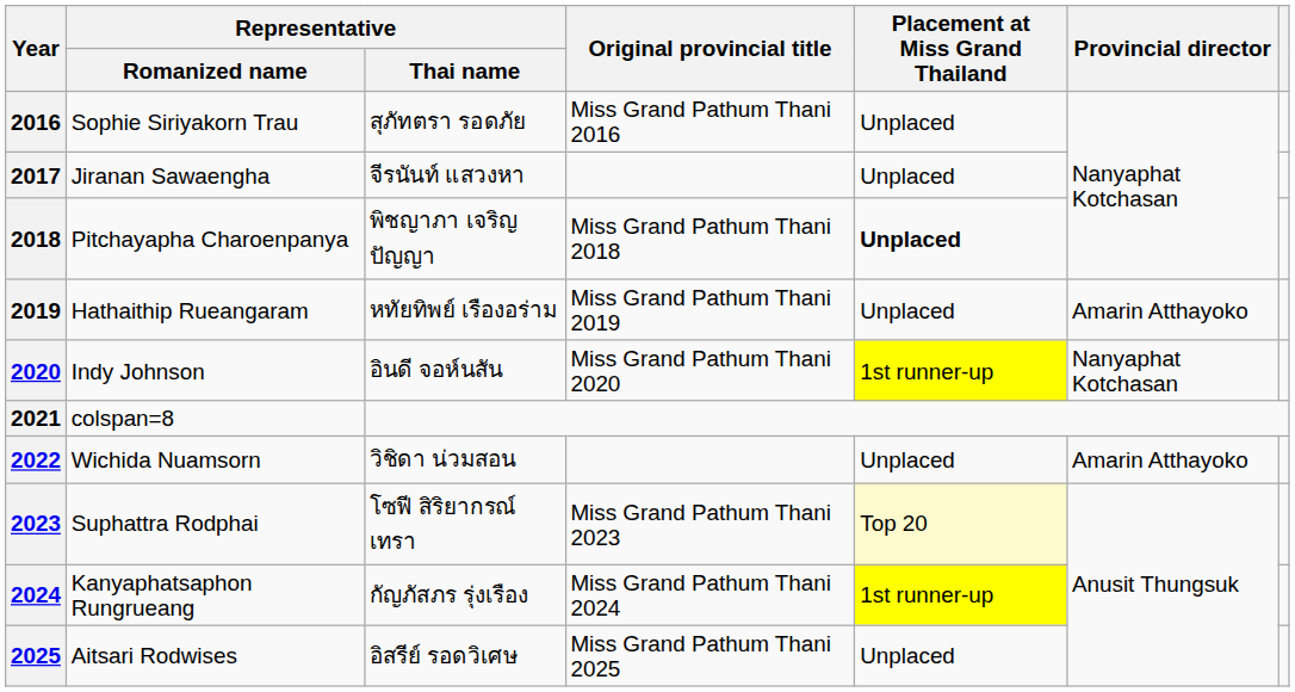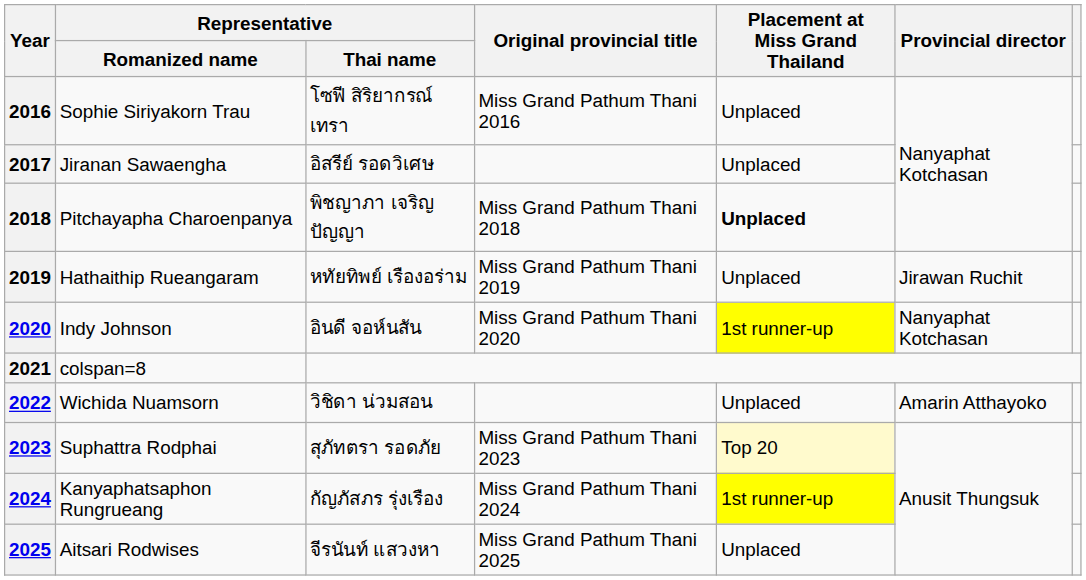 <table class="wikitable defaultcenter col2left col3left col6left" style="font-size:95%;">
 <tr>
 <th rowspan=2>Year</th>
 <th colspan=2>Representative</th>
 <th rowspan=2>Original provincial title</th>
 <th rowspan=2>Placement at<br>Miss Grand Thailand</th>
 <th rowspan=2>Provincial director</th>
 <th rowspan=2></th>
 </tr>
 <tr>
 <th>Romanized name</th>
 <th>Thai name</th>
 </tr>
 <tr>
 <th>2016</th>
 <td>Sophie Siriyakorn Trau</td>
-<td>สุภัทตรา รอดภัย</td>
+<td>โซฟี สิริยากรณ์ เทรา</td>
 <td>Miss Grand Pathum Thani 2016</td>
 <td>Unplaced</td>
 <td rowspan=3>Nanyaphat Kotchasan</td>
 <td></td>
 </tr>
 <tr>
 <th>2017</th>
 <td>Jiranan Sawaengha</td>
-<td>จีรนันท์ แสวงหา</td>
+<td>อิสรีย์ รอดวิเศษ</td>
 <td></td>
 <td>Unplaced</td>
 <td></td>
 </tr>
 <tr>
 <th>2018</th>
 <td>Pitchayapha Charoenpanya</td>
 <td>พิชญาภา เจริญปัญญา</td>
 <td>Miss Grand Pathum Thani 2018</td>
 <td><strong>Unplaced</strong></td>
 <td></td>
 </tr>
 <tr>
 <th>2019</th>
 <td>Hathaithip Rueangaram</td>
 <td>หทัยทิพย์ เรืองอร่าม</td>
 <td>Miss Grand Pathum Thani 2019</td>
 <td>Unplaced</td>
-<td>Amarin Atthayoko</td>
+<td>Jirawan Ruchit</td>
 <td></td>
 </tr>
 <tr>
 <th><a href='#'>2020</a></th>
 <td>Indy Johnson</td>
 <td>อินดี จอห์นสัน</td>
 <td>Miss Grand Pathum Thani 2020</td>
 <td bgcolor=yellow>1st runner-up</td>
 <td>Nanyaphat Kotchasan</td>
 <td></td>
 </tr>
 <tr>
 <th>2021</th>
 <td>colspan=8 </td>
 </tr>
 <tr>
 <th><a href='#'>2022</a></th>
 <td>Wichida Nuamsorn</td>
 <td>วิชิดา น่วมสอน</td>
 <td></td>
 <td>Unplaced</td>
 <td>Amarin Atthayoko</td>
 <td></td>
 </tr>
 <tr>
 <th><a href='#'>2023</a></th>
 <td>Suphattra Rodphai</td>
-<td>โซฟี สิริยากรณ์ เทรา</td>
+<td>สุภัทตรา รอดภัย</td>
 <td>Miss Grand Pathum Thani 2023</td>
 <td bgcolor=#FFFACD>Top 20</td>
 <td rowspan=3>Anusit Thungsuk</td>
 <td></td>
 </tr>
 <tr>
 <th><a href='#'>2024</a></th>
 <td>Kanyaphatsaphon Rungrueang</td>
 <td>กัญภัสภร รุ่งเรือง</td>
 <td>Miss Grand Pathum Thani 2024</td>
 <td bgcolor=yellow>1st runner-up</td>
 <td></td>
 </tr>
 <tr>
 <th><a href='#'>2025</a></th>
 <td>Aitsari Rodwises</td>
-<td>อิสรีย์ รอดวิเศษ</td>
+<td>จีรนันท์ แสวงหา</td>
 <td>Miss Grand Pathum Thani 2025</td>
 <td>Unplaced</td>
 <td></td>
 </tr>
 </table>
